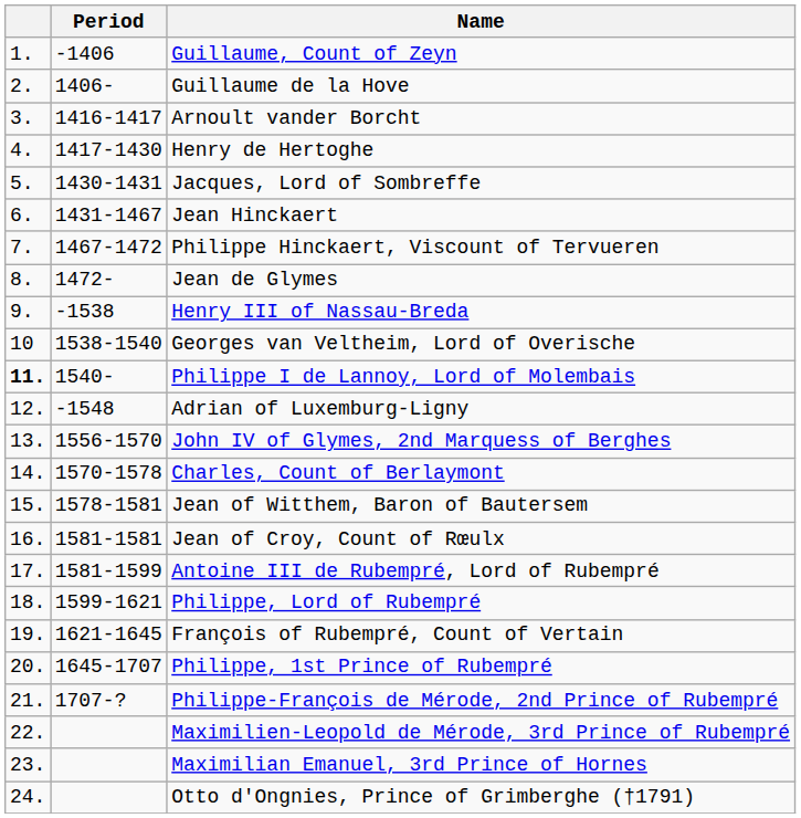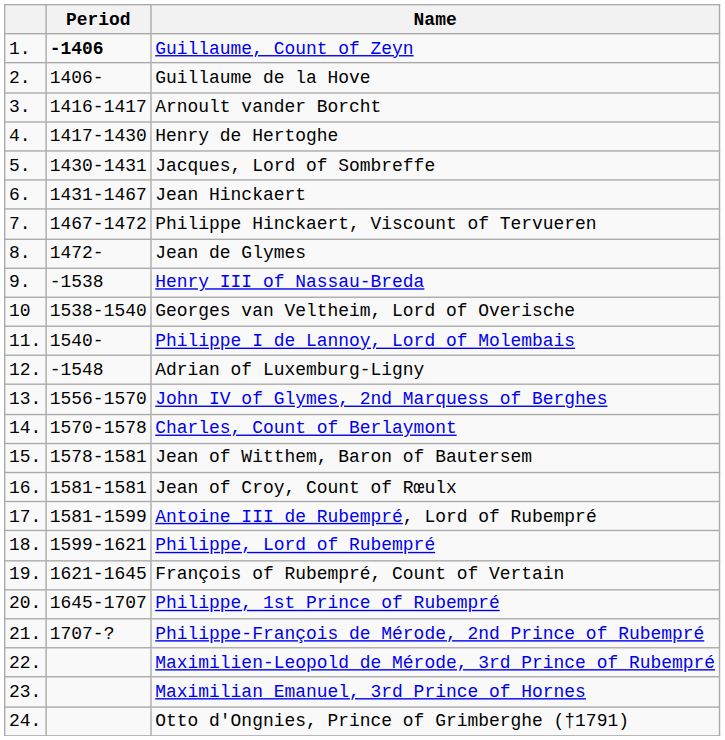 <table class="wikitable sortable">
 <tr>
 <th></th>
 <th>Period</th>
 <th>Name</th>
 </tr>
 <tr>
 <td>1.</td>
-<td>-1406</td>
+<td><strong>-1406</strong></td>
 <td><a href='#'>Guillaume, Count of Zeyn</a></td>
 </tr>
 <tr>
 <td>2.</td>
 <td>1406-</td>
 <td>Guillaume de la Hove</td>
 </tr>
 <tr>
 <td>3.</td>
 <td>1416-1417</td>
 <td>Arnoult vander Borcht</td>
 </tr>
 <tr>
 <td>4.</td>
 <td>1417-1430</td>
 <td>Henry de Hertoghe</td>
 </tr>
 <tr>
 <td>5.</td>
 <td>1430-1431</td>
 <td>Jacques, Lord of Sombreffe</td>
 </tr>
 <tr>
 <td>6.</td>
 <td>1431-1467</td>
 <td>Jean Hinckaert</td>
 </tr>
 <tr>
 <td>7.</td>
 <td>1467-1472</td>
 <td>Philippe Hinckaert, Viscount of Tervueren</td>
 </tr>
 <tr>
 <td>8.</td>
 <td>1472-</td>
 <td>Jean de Glymes</td>
 </tr>
 <tr>
 <td>9.</td>
 <td>-1538</td>
 <td><a href='#'>Henry III of Nassau-Breda</a></td>
 </tr>
 <tr>
 <td>10</td>
 <td>1538-1540</td>
 <td>Georges van Veltheim, Lord of Overische</td>
 </tr>
 <tr>
-<td><strong>11.</strong></td>
+<td>11.</td>
 <td>1540-</td>
 <td><a href='#'>Philippe I de Lannoy, Lord of Molembais</a></td>
 </tr>
 <tr>
 <td>12.</td>
 <td>-1548</td>
 <td>Adrian of Luxemburg-Ligny</td>
 </tr>
 <tr>
 <td>13.</td>
 <td>1556-1570</td>
 <td><a href='#'>John IV of Glymes, 2nd Marquess of Berghes</a></td>
 </tr>
 <tr>
 <td>14.</td>
 <td>1570-1578</td>
 <td><a href='#'>Charles, Count of Berlaymont</a></td>
 </tr>
 <tr>
 <td>15.</td>
 <td>1578-1581</td>
 <td>Jean of Witthem, Baron of Bautersem</td>
 </tr>
 <tr>
 <td>16.</td>
 <td>1581-1581</td>
 <td>Jean of Croy, Count of Rœulx</td>
 </tr>
 <tr>
 <td>17.</td>
 <td>1581-1599</td>
 <td><a href='#'>Antoine III de Rubempré</a>, Lord of Rubempré</td>
 </tr>
 <tr>
 <td>18.</td>
 <td>1599-1621</td>
 <td><a href='#'>Philippe, Lord of Rubempré</a></td>
 </tr>
 <tr>
 <td>19.</td>
 <td>1621-1645</td>
 <td>François of Rubempré, Count of Vertain</td>
 </tr>
 <tr>
 <td>20.</td>
 <td>1645-1707</td>
 <td><a href='#'>Philippe, 1st Prince of Rubempré</a></td>
 </tr>
 <tr>
 <td>21.</td>
 <td>1707-?</td>
 <td><a href='#'>Philippe-François de Mérode, 2nd Prince of Rubempré</a></td>
 </tr>
 <tr>
 <td>22.</td>
 <td></td>
 <td><a href='#'>Maximilien-Leopold de Mérode, 3rd Prince of Rubempré</a></td>
 </tr>
 <tr>
 <td>23.</td>
 <td></td>
 <td><a href='#'>Maximilian Emanuel, 3rd Prince of Hornes</a></td>
 </tr>
 <tr>
 <td>24.</td>
 <td></td>
 <td>Otto d'Ongnies, Prince of Grimberghe (†1791)</td>
 </tr>
 <tr>
 </tr>
 </table>
